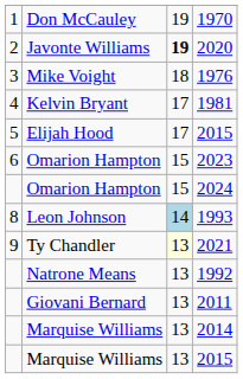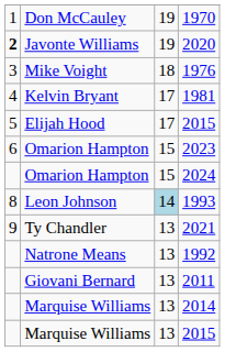 <table class="wikitable">
 <tr>
 </tr>
 <tr>
 <td>1</td>
 <td><a href='#'>Don McCauley</a></td>
 <td>19</td>
 <td><a href='#'>1970</a></td>
 </tr>
 <tr>
-<td>2</td>
+<td><strong>2</strong></td>
 <td><a href='#'>Javonte Williams</a></td>
-<td><strong>19 </strong></td>
+<td>19 </td>
 <td><a href='#'>2020</a></td>
 </tr>
 <tr>
 <td>3</td>
 <td><a href='#'>Mike Voight</a></td>
 <td>18</td>
 <td><a href='#'>1976</a></td>
 </tr>
 <tr>
 <td>4</td>
 <td><a href='#'>Kelvin Bryant</a></td>
 <td>17</td>
 <td><a href='#'>1981</a></td>
 </tr>
 <tr>
 <td>5</td>
 <td><a href='#'>Elijah Hood</a></td>
 <td>17</td>
 <td><a href='#'>2015</a></td>
 </tr>
 <tr>
 <td>6</td>
 <td><a href='#'>Omarion Hampton</a></td>
 <td>15 </td>
 <td><a href='#'>2023</a></td>
 </tr>
 <tr>
 <td></td>
 <td><a href='#'>Omarion Hampton</a></td>
 <td>15</td>
 <td><a href='#'>2024</a></td>
 </tr>
 <tr>
 <td>8</td>
 <td><a href='#'>Leon Johnson</a></td>
 <td style="background: lightblue;">14</td>
 <td><a href='#'>1993</a></td>
 </tr>
 <tr>
 <td>9</td>
 <td>Ty Chandler</td>
-<td style="background: lightyellow;">13</td>
+<td>13</td>
 <td><a href='#'>2021</a></td>
 </tr>
 <tr>
 <td></td>
 <td><a href='#'>Natrone Means</a></td>
 <td>13</td>
 <td><a href='#'>1992</a></td>
 </tr>
 <tr>
 <td></td>
 <td><a href='#'>Giovani Bernard</a></td>
 <td>13</td>
 <td><a href='#'>2011</a></td>
 </tr>
 <tr>
 <td></td>
 <td><a href='#'>Marquise Williams</a></td>
 <td>13</td>
 <td><a href='#'>2014</a></td>
 </tr>
 <tr>
 <td></td>
 <td>Marquise Williams</td>
 <td>13</td>
 <td><a href='#'>2015</a></td>
 </tr>
 </table>
